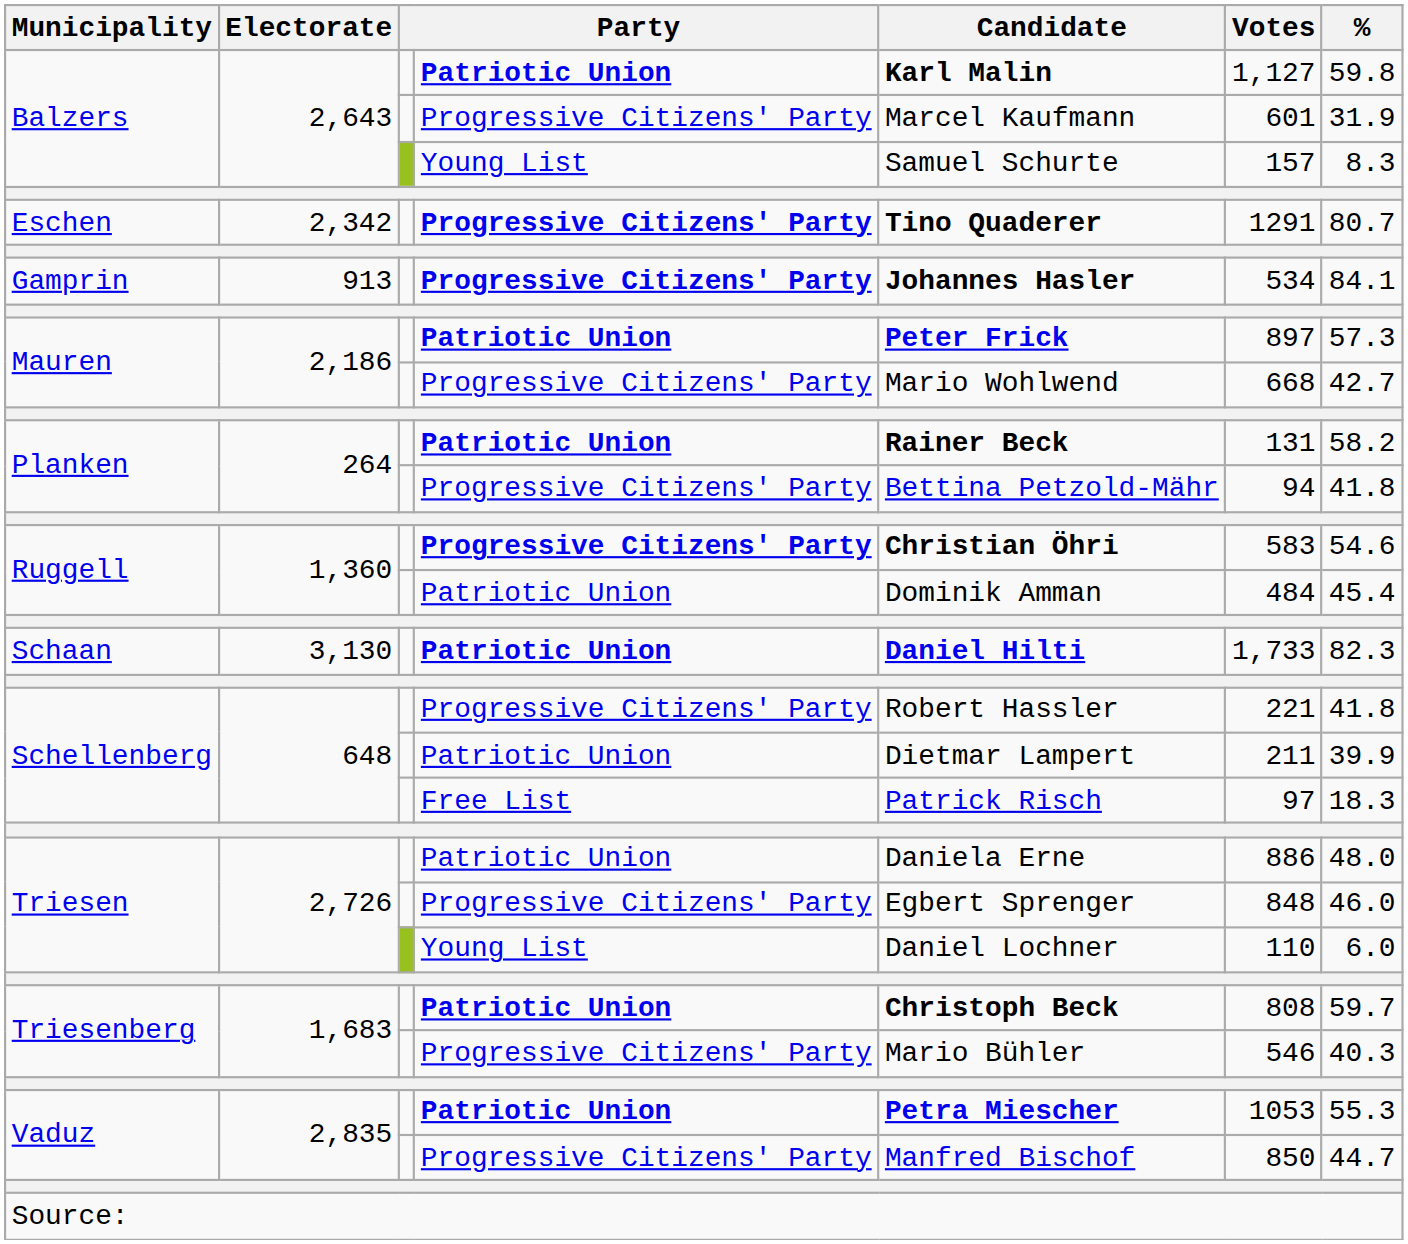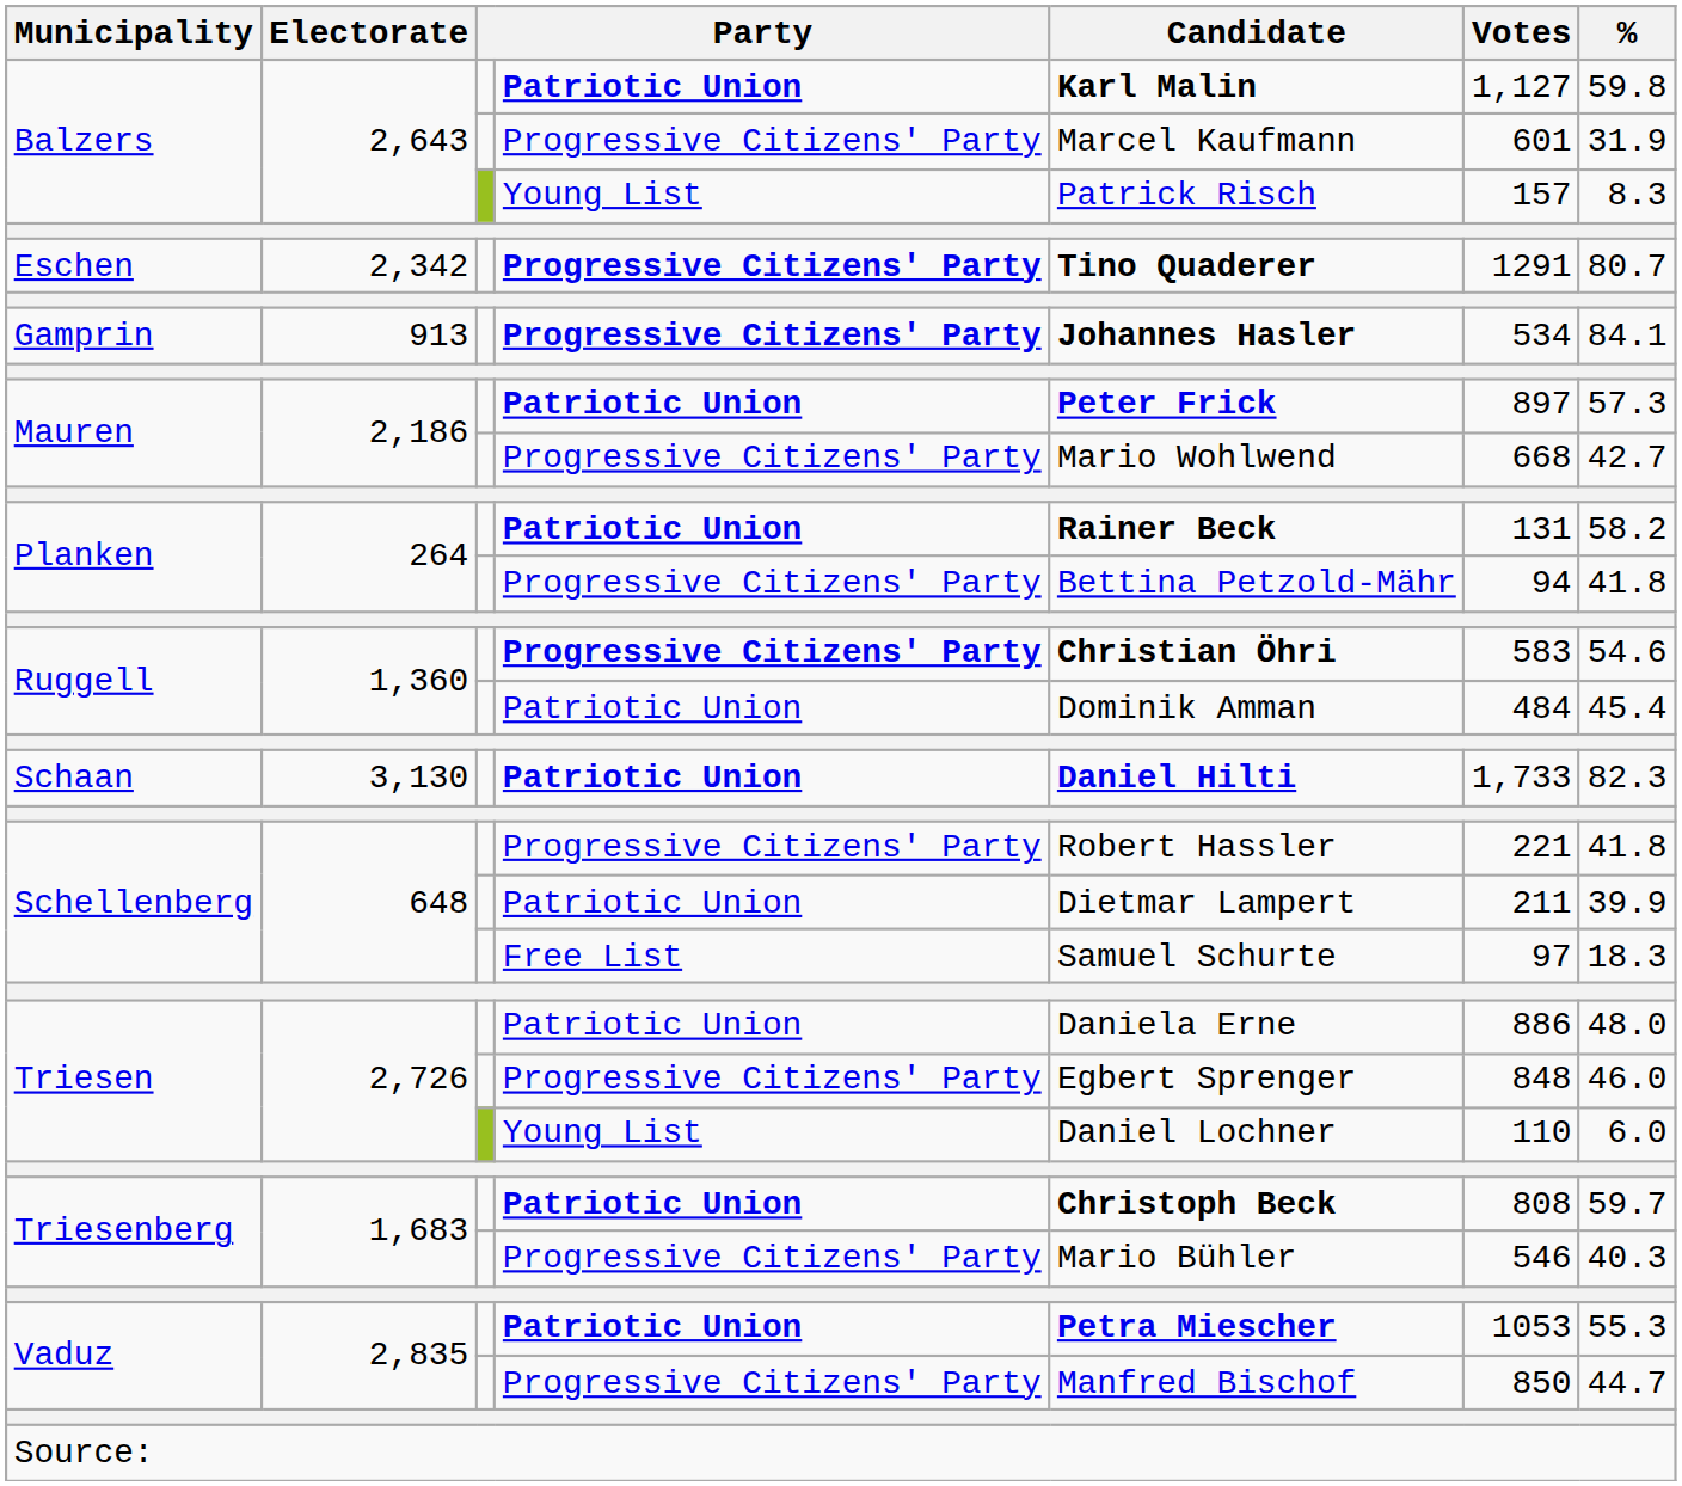 <table class="wikitable" style="text-align:right">
 <tr>
 <th>Municipality</th>
 <th>Electorate</th>
 <th colspan="2">Party</th>
 <th>Candidate</th>
 <th>Votes</th>
 <th>%</th>
 </tr>
 <tr>
 <td rowspan="3" style="text-align:left"><a href='#'>Balzers</a></td>
 <td rowspan="3">2,643</td>
 <td style="color:inherit;background:"></td>
 <td style="text-align:left"><strong><a href='#'>Patriotic Union</a></strong></td>
 <td style="text-align:left"><strong>Karl Malin</strong></td>
 <td>1,127</td>
 <td>59.8</td>
 </tr>
 <tr>
 <td style="color:inherit;background:"></td>
 <td style="text-align:left"><a href='#'>Progressive Citizens' Party</a></td>
 <td style="text-align:left">Marcel Kaufmann</td>
 <td>601</td>
 <td>31.9</td>
 </tr>
 <tr>
 <td style="color:inherit;background:#98c01f" width="1"></td>
 <td style="text-align:left"><a href='#'>Young List</a></td>
-<td style="text-align:left">Samuel Schurte</td>
+<td style="text-align:left"><a href='#'>Patrick Risch</a></td>
 <td>157</td>
 <td>8.3</td>
 </tr>
 <tr>
 <th colspan="7"></th>
 </tr>
 <tr>
 <td style="text-align:left"><a href='#'>Eschen</a></td>
 <td>2,342</td>
 <td style="color:inherit;background:"></td>
 <td style="text-align:left"><strong><a href='#'>Progressive Citizens' Party</a></strong></td>
 <td style="text-align:left"><strong>Tino Quaderer</strong></td>
 <td>1291</td>
 <td>80.7</td>
 </tr>
 <tr>
 <th colspan="7"></th>
 </tr>
 <tr>
 <td style="text-align:left"><a href='#'>Gamprin</a></td>
 <td>913</td>
 <td style="color:inherit;background:"></td>
 <td style="text-align:left"><strong><a href='#'>Progressive Citizens' Party</a></strong></td>
 <td style="text-align:left"><strong>Johannes Hasler</strong></td>
 <td>534</td>
 <td>84.1</td>
 </tr>
 <tr>
 <th colspan="7"></th>
 </tr>
 <tr>
 <td rowspan="2" style="text-align:left"><a href='#'>Mauren</a></td>
 <td rowspan="2">2,186</td>
 <td style="color:inherit;background:"></td>
 <td style="text-align:left"><strong><a href='#'>Patriotic Union</a></strong></td>
 <td style="text-align:left"><strong><a href='#'>Peter Frick</a></strong></td>
 <td>897</td>
 <td>57.3</td>
 </tr>
 <tr>
 <td style="color:inherit;background:"></td>
 <td style="text-align:left"><a href='#'>Progressive Citizens' Party</a></td>
 <td style="text-align:left">Mario Wohlwend</td>
 <td>668</td>
 <td>42.7</td>
 </tr>
 <tr>
 <th colspan="7"></th>
 </tr>
 <tr>
 <td rowspan="2" style="text-align:left"><a href='#'>Planken</a></td>
 <td rowspan="2">264</td>
 <td style="color:inherit;background:"></td>
 <td style="text-align:left"><a href='#'><strong>Patriotic Union</strong></a></td>
 <td style="text-align:left"><strong>Rainer Beck</strong></td>
 <td>131</td>
 <td>58.2</td>
 </tr>
 <tr>
 <td style="color:inherit;background:"></td>
 <td style="text-align:left"><a href='#'>Progressive Citizens' Party</a></td>
 <td style="text-align:left"><a href='#'>Bettina Petzold-Mähr</a></td>
 <td>94</td>
 <td>41.8</td>
 </tr>
 <tr>
 <th colspan="7"></th>
 </tr>
 <tr>
 <td rowspan="2" style="text-align:left"><a href='#'>Ruggell</a></td>
 <td rowspan="2">1,360</td>
 <td style="color:inherit;background:"></td>
 <td style="text-align:left"><strong><a href='#'>Progressive Citizens' Party</a></strong></td>
 <td style="text-align:left"><strong>Christian Öhri</strong></td>
 <td>583</td>
 <td>54.6</td>
 </tr>
 <tr>
 <td style="color:inherit;background:"></td>
 <td style="text-align:left"><a href='#'>Patriotic Union</a></td>
 <td style="text-align:left">Dominik Amman</td>
 <td>484</td>
 <td>45.4</td>
 </tr>
 <tr>
 <th colspan="7"></th>
 </tr>
 <tr>
 <td style="text-align:left"><a href='#'>Schaan</a></td>
 <td>3,130</td>
 <td style="color:inherit;background:"></td>
 <td style="text-align:left"><a href='#'><strong>Patriotic Union</strong></a></td>
 <td style="text-align:left"><strong><a href='#'>Daniel Hilti</a></strong></td>
 <td>1,733</td>
 <td>82.3</td>
 </tr>
 <tr>
 <th colspan="7"></th>
 </tr>
 <tr>
 <td rowspan="3" style="text-align:left"><a href='#'>Schellenberg</a></td>
 <td rowspan="3">648</td>
 <td style="color:inherit;background:"></td>
 <td style="text-align:left"><a href='#'>Progressive Citizens' Party</a></td>
 <td style="text-align:left">Robert Hassler</td>
 <td>221</td>
 <td>41.8</td>
 </tr>
 <tr>
 <td style="color:inherit;background:"></td>
 <td style="text-align:left"><a href='#'>Patriotic Union</a></td>
 <td style="text-align:left">Dietmar Lampert</td>
 <td>211</td>
 <td>39.9</td>
 </tr>
 <tr>
 <td style="color:inherit;background:"></td>
 <td style="text-align:left"><a href='#'>Free List</a></td>
-<td style="text-align:left"><a href='#'>Patrick Risch</a></td>
+<td style="text-align:left">Samuel Schurte</td>
 <td>97</td>
 <td>18.3</td>
 </tr>
 <tr>
 <th colspan="7"></th>
 </tr>
 <tr>
 <td rowspan="3" style="text-align:left"><a href='#'>Triesen</a></td>
 <td rowspan="3">2,726</td>
 <td style="color:inherit;background:"></td>
 <td style="text-align:left"><a href='#'>Patriotic Union</a></td>
 <td style="text-align:left">Daniela Erne</td>
 <td>886</td>
 <td>48.0</td>
 </tr>
 <tr>
 <td style="color:inherit;background:"></td>
 <td style="text-align:left"><a href='#'>Progressive Citizens' Party</a></td>
 <td style="text-align:left">Egbert Sprenger</td>
 <td>848</td>
 <td>46.0</td>
 </tr>
 <tr>
 <td style="color:inherit;background:#98c01f" width="1"></td>
 <td style="text-align:left"><a href='#'>Young List</a></td>
 <td style="text-align:left">Daniel Lochner</td>
 <td>110</td>
 <td>6.0</td>
 </tr>
 <tr>
 <th colspan="7"></th>
 </tr>
 <tr>
 <td rowspan="2" style="text-align:left"><a href='#'>Triesenberg</a></td>
 <td rowspan="2">1,683</td>
 <td style="color:inherit;background:"></td>
 <td style="text-align:left"><strong><a href='#'>Patriotic Union</a></strong></td>
 <td style="text-align:left"><strong>Christoph Beck</strong></td>
 <td>808</td>
 <td>59.7</td>
 </tr>
 <tr>
 <td style="color:inherit;background:"></td>
 <td style="text-align:left"><a href='#'>Progressive Citizens' Party</a></td>
 <td style="text-align:left">Mario Bühler</td>
 <td>546</td>
 <td>40.3</td>
 </tr>
 <tr>
 <th colspan="7"></th>
 </tr>
 <tr>
 <td rowspan="2" style="text-align:left"><a href='#'>Vaduz</a></td>
 <td rowspan="2">2,835</td>
 <td style="color:inherit;background:"></td>
 <td style="text-align:left"><strong><a href='#'>Patriotic Union</a></strong></td>
 <td style="text-align:left"><strong><a href='#'>Petra Miescher</a></strong></td>
 <td>1053</td>
 <td>55.3</td>
 </tr>
 <tr>
 <td style="color:inherit;background:"></td>
 <td style="text-align:left"><a href='#'>Progressive Citizens' Party</a></td>
 <td style="text-align:left"><a href='#'>Manfred Bischof</a></td>
 <td>850</td>
 <td>44.7</td>
 </tr>
 <tr>
 <th colspan="7"></th>
 </tr>
 <tr>
 <td colspan="7" style="text-align:left">Source: </td>
 </tr>
 </table>
